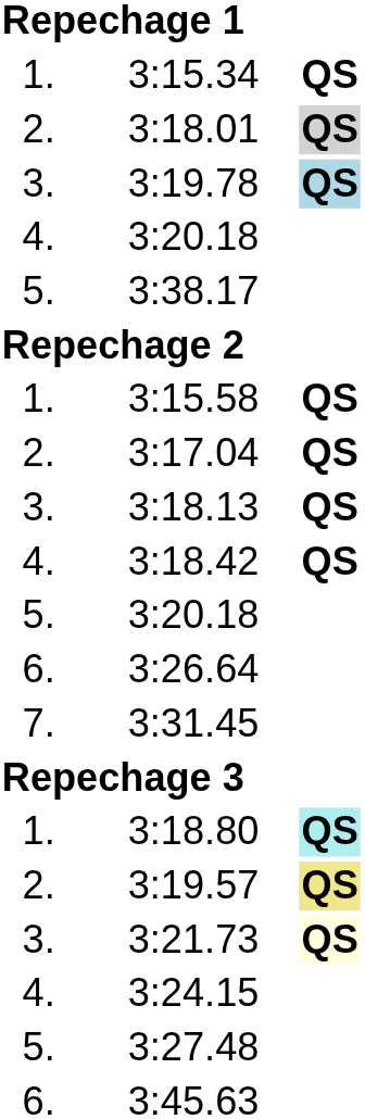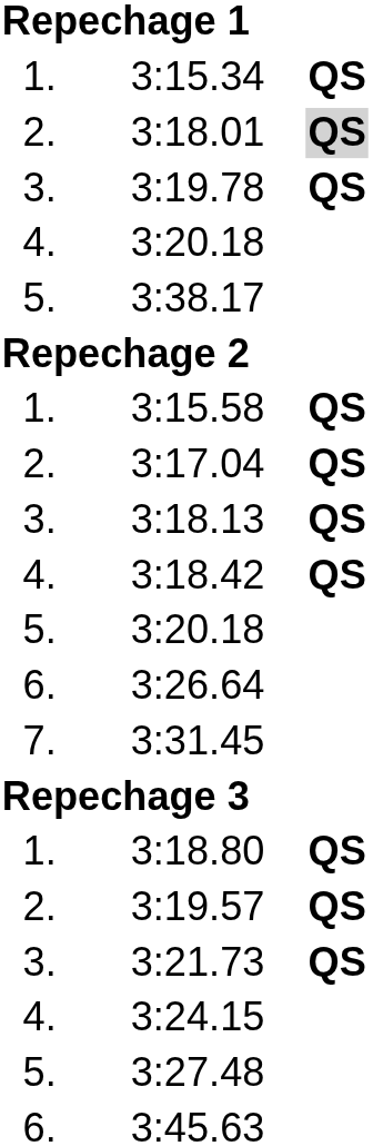 <table style="text-align:center">
 <tr>
 <td colspan=4 align=left><strong>Repechage 1</strong></td>
 </tr>
 <tr>
 <td width=30>1.</td>
 <td align=left></td>
 <td width=80>3:15.34</td>
 <td><strong>QS</strong></td>
 </tr>
 <tr>
 <td>2.</td>
 <td align=left></td>
 <td>3:18.01</td>
 <td style="background: lightgrey;"><strong>QS</strong></td>
 </tr>
 <tr>
 <td>3.</td>
 <td align=left></td>
 <td>3:19.78</td>
-<td style="background: lightblue;"><strong>QS</strong></td>
+<td><strong>QS</strong></td>
 </tr>
 <tr>
 <td>4.</td>
 <td align=left></td>
 <td>3:20.18</td>
 <td></td>
 </tr>
 <tr>
 <td>5.</td>
 <td align=left></td>
 <td>3:38.17</td>
 <td></td>
 </tr>
 <tr>
 <td colspan=4 align=left><strong>Repechage 2</strong></td>
 </tr>
 <tr>
 <td>1.</td>
 <td align=left></td>
 <td>3:15.58</td>
 <td><strong>QS</strong></td>
 </tr>
 <tr>
 <td>2.</td>
 <td align=left></td>
 <td>3:17.04</td>
 <td><strong>QS</strong></td>
 </tr>
 <tr>
 <td>3.</td>
 <td align=left></td>
 <td>3:18.13</td>
 <td><strong>QS</strong></td>
 </tr>
 <tr>
 <td>4.</td>
 <td align=left></td>
 <td>3:18.42</td>
 <td><strong>QS</strong></td>
 </tr>
 <tr>
 <td>5.</td>
 <td align=left></td>
 <td>3:20.18</td>
 <td></td>
 </tr>
 <tr>
 <td>6.</td>
 <td align=left></td>
 <td>3:26.64</td>
 <td></td>
 </tr>
 <tr>
 <td>7.</td>
 <td align=left></td>
 <td>3:31.45</td>
 <td></td>
 </tr>
 <tr>
 <td colspan=4 align=left><strong>Repechage 3</strong></td>
 </tr>
 <tr>
 <td>1.</td>
 <td align=left></td>
 <td>3:18.80</td>
-<td style="background: paleturquoise;"><strong>QS</strong></td>
+<td><strong>QS</strong></td>
 </tr>
 <tr>
 <td>2.</td>
 <td align=left></td>
 <td>3:19.57</td>
-<td style="background: khaki;"><strong>QS</strong></td>
+<td><strong>QS</strong></td>
 </tr>
 <tr>
 <td>3.</td>
 <td align=left></td>
 <td>3:21.73</td>
-<td style="background: lightyellow;"><strong>QS</strong></td>
+<td><strong>QS</strong></td>
 </tr>
 <tr>
 <td>4.</td>
 <td align=left></td>
 <td>3:24.15</td>
 <td></td>
 </tr>
 <tr>
 <td>5.</td>
 <td align=left></td>
 <td>3:27.48</td>
 <td></td>
 </tr>
 <tr>
 <td>6.</td>
 <td align=left></td>
 <td>3:45.63</td>
 <td></td>
 </tr>
 </table>
